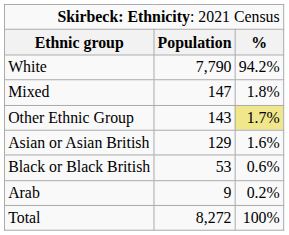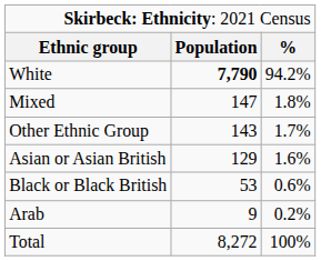 <table class="wikitable">
 <tr>
 <td colspan="14" style="text-align:right;"><strong>Skirbeck: Ethnicity</strong>: 2021 Census</td>
 </tr>
 <tr>
 <th>Ethnic group</th>
 <th>Population</th>
 <th>%</th>
 </tr>
 <tr>
 <td>White</td>
-<td style="text-align:right;">7,790</td>
+<td style="text-align:right;"><strong>7,790</strong></td>
 <td style="text-align:right;">94.2%</td>
 </tr>
 <tr>
 <td>Mixed</td>
 <td style="text-align:right;">147</td>
 <td style="text-align:right;">1.8%</td>
 </tr>
 <tr>
 <td>Other Ethnic Group</td>
 <td style="text-align:right;">143</td>
-<td style="background: khaki; text-align:right;">1.7%</td>
+<td style="text-align:right;">1.7%</td>
 </tr>
 <tr>
 <td>Asian or Asian British</td>
 <td style="text-align:right;">129</td>
 <td style="text-align:right;">1.6%</td>
 </tr>
 <tr>
 <td>Black or Black British</td>
 <td style="text-align:right;">53</td>
 <td style="text-align:right;">0.6%</td>
 </tr>
 <tr>
 <td>Arab</td>
 <td style="text-align:right;">9</td>
 <td style="text-align:right;">0.2%</td>
 </tr>
 <tr>
 <td>Total</td>
 <td style="text-align:right;">8,272</td>
 <td style="text-align:right;">100%</td>
 </tr>
 </table>
